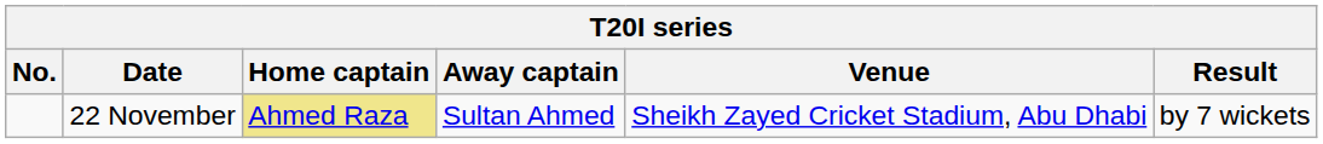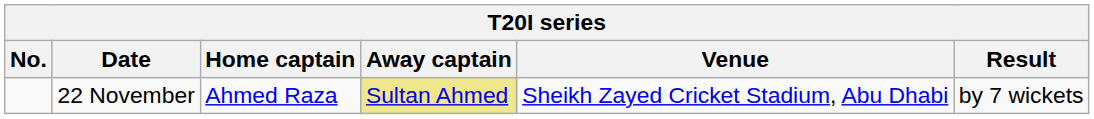 <table class="wikitable">
 <tr>
 <th colspan="9">T20I series</th>
 </tr>
 <tr>
 <th>No.</th>
 <th>Date</th>
 <th>Home captain</th>
 <th>Away captain</th>
 <th>Venue</th>
 <th>Result</th>
 </tr>
 <tr>
 <td></td>
 <td>22 November</td>
-<td style="background: khaki;"><a href='#'>Ahmed Raza</a></td>
-<td><a href='#'>Sultan Ahmed</a></td>
+<td><a href='#'>Ahmed Raza</a></td>
+<td style="background: khaki;"><a href='#'>Sultan Ahmed</a></td>
 <td><a href='#'>Sheikh Zayed Cricket Stadium</a>, <a href='#'>Abu Dhabi</a></td>
 <td> by 7 wickets</td>
 </tr>
 </table>
